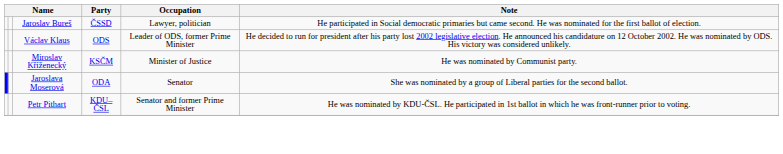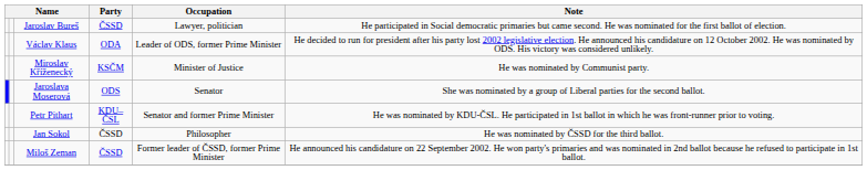 <table class="wikitable" style=text-align:center;font-size:85%;line-height:14px;">
 <tr>
 <th colspan=3>Name</th>
 <th>Party</th>
 <th>Occupation</th>
 <th>Note</th>
 </tr>
 <tr>
 <td style="background-color:"></td>
 <td></td>
 <td><a href='#'>Jaroslav Bureš</a></td>
 <td><a href='#'>ČSSD</a></td>
 <td>Lawyer, politician</td>
 <td>He participated in Social democratic primaries but came second. He was nominated for the first ballot of election.</td>
 </tr>
 <tr>
 <td style="background-color:"></td>
 <td></td>
 <td><a href='#'>Václav Klaus</a></td>
-<td><a href='#'>ODS</a></td>
+<td><a href='#'>ODA</a></td>
 <td>Leader of ODS, former Prime Minister</td>
 <td>He decided to run for president after his party lost <a href='#'>2002 legislative election</a>. He announced his candidature on 12 October 2002. He was nominated by ODS. His victory was considered unlikely.</td>
 </tr>
 <tr>
 <td style="background-color:"></td>
 <td></td>
 <td><a href='#'>Miroslav Kříženecký</a></td>
 <td><a href='#'>KSČM</a></td>
 <td>Minister of Justice</td>
 <td>He was nominated by Communist party.</td>
 </tr>
 <tr>
 <td style="background:#0000FF;"></td>
 <td></td>
 <td><a href='#'>Jaroslava Moserová</a></td>
-<td><a href='#'>ODA</a></td>
+<td><a href='#'>ODS</a></td>
 <td>Senator</td>
 <td>She was nominated by a group of Liberal parties for the second ballot.</td>
 </tr>
 <tr>
 <td style="background-color:"></td>
 <td></td>
 <td><a href='#'>Petr Pithart</a></td>
 <td><a href='#'>KDU–ČSL</a></td>
 <td>Senator and former Prime Minister</td>
 <td>He was nominated by KDU-ČSL. He participated in 1st ballot in which he was front-runner prior to voting.</td>
 </tr>
 <tr>
+<td style="background-color:"></td>
+<td></td>
+<td><a href='#'>Jan Sokol</a></td>
+<td>ČSSD</td>
+<td>Philosopher</td>
+<td>He was nominated by ČSSD for the third ballot.</td>
+</tr>
+<tr>
+<td style="background-color:"></td>
+<td></td>
+<td><a href='#'>Miloš Zeman</a></td>
+<td><a href='#'>ČSSD</a></td>
+<td>Former leader of ČSSD, former  Prime Minister</td>
+<td>He announced his candidature on 22 September 2002. He won party's primaries and was nominated in 2nd ballot because he refused to participate in 1st ballot.</td>
+</tr>
+<tr>
 </tr>
 </table>
